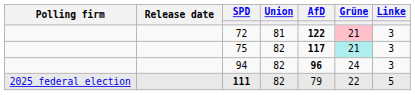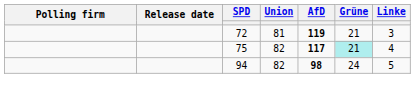 <table class="wikitable sortable mw-datatable" style="text-align:center;font-size:90%;line-height:14px;">
 <tr>
 <th style="width:155px;" rowspan="2">Polling firm</th>
 <th style="width:100px;" rowspan="2">Release date</th>
 <th class="unsortable" style="width:40px;"><a href='#'>SPD</a></th>
 <th class="unsortable" style="width:40px;"><a href='#'>Union</a></th>
 <th class="unsortable" style="width:40px;"><a href='#'>AfD</a></th>
 <th class="unsortable" style="width:40px;"><a href='#'>Grüne</a></th>
 <th class="unsortable" style="width:40px;"><a href='#'>Linke</a></th>
 </tr>
 <tr>
 <th style="background:"></th>
 <th style="background:"></th>
 <th style="background:"></th>
 <th style="background:"></th>
 <th style="background:"></th>
 </tr>
 <tr>
 <td></td>
 <td></td>
 <td>72</td>
 <td>81</td>
-<td><strong>122</strong></td>
-<td style="background: pink;">21</td>
+<td><strong>119</strong></td>
+<td>21</td>
 <td>3</td>
 </tr>
 <tr>
 <td></td>
 <td></td>
 <td>75</td>
 <td>82</td>
 <td><strong>117</strong></td>
 <td style="background: paleturquoise;">21</td>
-<td>3</td>
+<td>4</td>
 </tr>
 <tr>
 <td></td>
 <td></td>
 <td>94</td>
 <td>82</td>
-<td><strong>96</strong></td>
+<td><strong>98</strong></td>
 <td>24</td>
-<td>3</td>
-</tr>
-<tr style="background:#E9E9E9;">
-<td><a href='#'>2025 federal election</a></td>
-<td></td>
-<td><strong>111</strong></td>
-<td>82</td>
-<td>79</td>
-<td>22</td>
 <td>5</td>
 </tr>
 </table>
